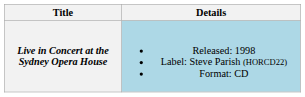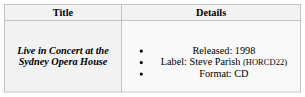 <table class="wikitable plainrowheaders" style="text-align:center;" border="1">
 <tr>
 <th scope="col" style="width:11em;">Title</th>
 <th scope="col" style="width:17em;">Details</th>
 </tr>
 <tr>
 <th scope="row"><em>Live in Concert at the Sydney Opera House</em></th>
-<td style="background: lightblue;"><br><ul><li>Released: 1998</li><li>Label: Steve Parish  <small>(HORCD22)</small></li><li>Format: CD</li></ul></td>
+<td><br><ul><li>Released: 1998</li><li>Label: Steve Parish  <small>(HORCD22)</small></li><li>Format: CD</li></ul></td>
 </tr>
 </table>
